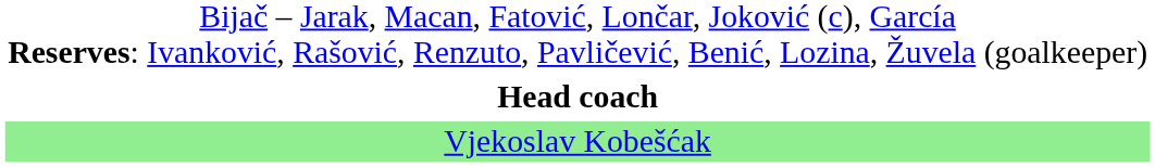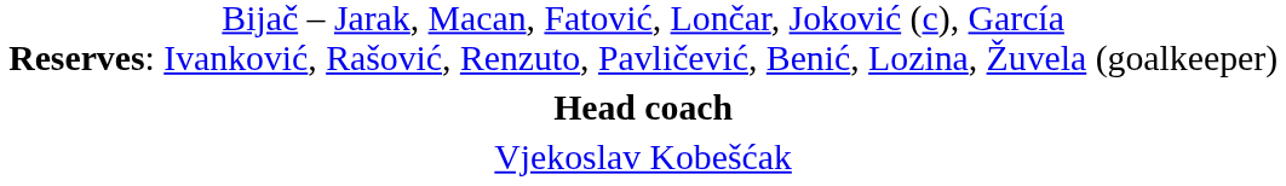 <table style="text-align: center; margin-top: 1em; margin-left: auto; margin-right: auto">
 <tr>
 <td><a href='#'>Bijač</a> – <a href='#'>Jarak</a>, <a href='#'>Macan</a>, <a href='#'>Fatović</a>, <a href='#'>Lončar</a>, <a href='#'>Joković</a> (<a href='#'>c</a>), <a href='#'>García</a><br><strong>Reserves</strong>: <a href='#'>Ivanković</a>, <a href='#'>Rašović</a>, <a href='#'>Renzuto</a>, <a href='#'>Pavličević</a>, <a href='#'>Benić</a>, <a href='#'>Lozina</a>, <a href='#'>Žuvela</a> (goalkeeper)</td>
 </tr>
 <tr>
 <td><strong>Head coach</strong></td>
 </tr>
 <tr>
-<td style="background: lightgreen;"><a href='#'>Vjekoslav Kobešćak</a></td>
+<td><a href='#'>Vjekoslav Kobešćak</a></td>
 </tr>
 </table>
